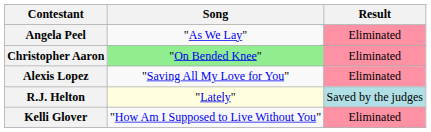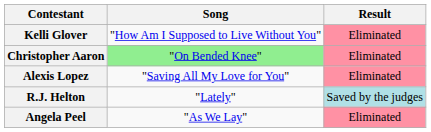 <table class="wikitable" style="text-align:center; line-height:20px;">
 <tr>
 <th scope="col">Contestant</th>
 <th scope="col">Song</th>
 <th scope="col">Result</th>
 </tr>
 <tr>
-<th scope="row">Angela Peel</th>
-<td>"<a href='#'>As We Lay</a>"</td>
+<th scope="row">Kelli Glover</th>
+<td>"<a href='#'>How Am I Supposed to Live Without You</a>"</td>
 <td style="background:#FF91A4;">Eliminated</td>
 </tr>
 <tr>
 <th scope="row">Christopher Aaron</th>
 <td style="background: lightgreen;">"<a href='#'>On Bended Knee</a>"</td>
 <td style="background:#FF91A4;">Eliminated</td>
 </tr>
 <tr>
 <th scope="row">Alexis Lopez</th>
 <td>"<a href='#'>Saving All My Love for You</a>"</td>
 <td style="background:#FF91A4;">Eliminated</td>
 </tr>
 <tr>
 <th scope="row">R.J. Helton</th>
-<td style="background: lightyellow;">"<a href='#'>Lately</a>"</td>
+<td>"<a href='#'>Lately</a>"</td>
 <td style="background:#B0E0E6;">Saved by the judges</td>
 </tr>
 <tr>
-<th scope="row">Kelli Glover</th>
-<td>"<a href='#'>How Am I Supposed to Live Without You</a>"</td>
+<th scope="row">Angela Peel</th>
+<td>"<a href='#'>As We Lay</a>"</td>
 <td style="background:#FF91A4;">Eliminated</td>
 </tr>
 </table>
